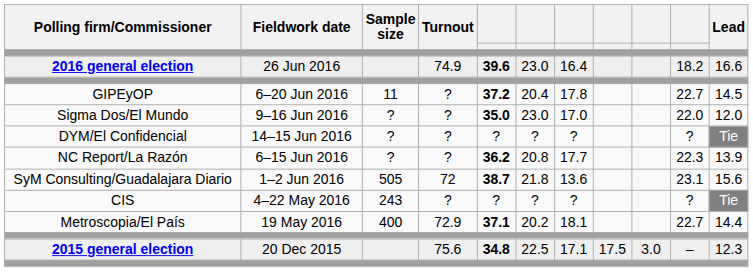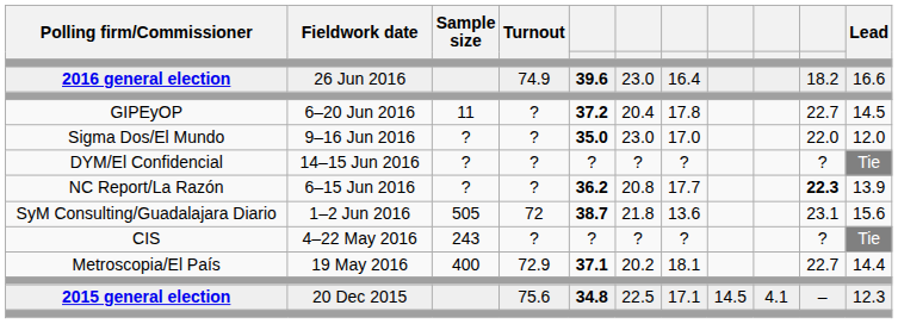 <table class="wikitable collapsible collapsed" style="text-align:center; font-size:95%; line-height:16px;">
 <tr style="height:42px; background-color:#E9E9E9">
 <th style="width:250px;" rowspan="2">Polling firm/Commissioner</th>
 <th style="width:125px;" rowspan="2">Fieldwork date</th>
 <th style="width:50px;" rowspan="2">Sample size</th>
 <th style="width:45px;" rowspan="2">Turnout</th>
 <th style="width:35px;"></th>
 <th style="width:35px;"></th>
 <th style="width:35px;"></th>
 <th style="width:35px;"></th>
 <th style="width:35px;"></th>
 <th style="width:35px;"></th>
 <th style="width:30px;" rowspan="2">Lead</th>
 </tr>
 <tr>
 <th style="color:inherit;background:"></th>
 <th style="color:inherit;background:"></th>
 <th style="color:inherit;background:"></th>
 <th style="color:inherit;background:"></th>
 <th style="color:inherit;background:"></th>
 <th style="color:inherit;background:"></th>
 </tr>
 <tr>
 <td colspan="11" style="background:#A0A0A0"></td>
 </tr>
 <tr style="background:#EFEFEF;">
 <td><strong><a href='#'>2016 general election</a></strong></td>
 <td>26 Jun 2016</td>
 <td></td>
 <td>74.9</td>
 <td><strong>39.6</strong><br></td>
 <td>23.0<br></td>
 <td>16.4<br></td>
 <td></td>
 <td></td>
 <td>18.2<br></td>
 <td style="background:">16.6</td>
 </tr>
 <tr>
 <td colspan="11" style="background:#A0A0A0"></td>
 </tr>
 <tr>
 <td>GIPEyOP</td>
 <td>6–20 Jun 2016</td>
 <td>11</td>
 <td>?</td>
 <td><strong>37.2</strong><br></td>
 <td>20.4<br></td>
 <td>17.8<br></td>
 <td></td>
 <td></td>
 <td>22.7<br></td>
 <td style="background:">14.5</td>
 </tr>
 <tr>
 <td>Sigma Dos/El Mundo</td>
 <td>9–16 Jun 2016</td>
 <td>?</td>
 <td>?</td>
 <td><strong>35.0</strong><br></td>
 <td>23.0<br></td>
 <td>17.0<br></td>
 <td></td>
 <td></td>
 <td>22.0<br></td>
 <td style="background:">12.0</td>
 </tr>
 <tr>
 <td>DYM/El Confidencial</td>
 <td>14–15 Jun 2016</td>
 <td>?</td>
 <td>?</td>
 <td>?<br></td>
 <td>?<br></td>
 <td>?<br></td>
 <td></td>
 <td></td>
 <td>?<br></td>
 <td style="background:gray;color:white;">Tie</td>
 </tr>
 <tr>
 <td>NC Report/La Razón</td>
 <td>6–15 Jun 2016</td>
 <td>?</td>
 <td>?</td>
 <td><strong>36.2</strong><br></td>
 <td>20.8<br></td>
 <td>17.7<br></td>
 <td></td>
 <td></td>
-<td>22.3<br></td>
+<td><strong>22.3<br></strong></td>
 <td style="background:">13.9</td>
 </tr>
 <tr>
 <td>SyM Consulting/Guadalajara Diario<br></td>
 <td>1–2 Jun 2016</td>
 <td>505</td>
 <td>72</td>
 <td><strong>38.7</strong><br></td>
 <td>21.8<br></td>
 <td>13.6<br></td>
 <td></td>
 <td></td>
 <td>23.1<br></td>
 <td style="background:">15.6</td>
 </tr>
 <tr>
 <td>CIS</td>
 <td>4–22 May 2016</td>
 <td>243</td>
 <td>?</td>
 <td>?<br></td>
 <td>?<br></td>
 <td>?<br></td>
 <td></td>
 <td></td>
 <td>?<br></td>
 <td style="background:gray;color:white;">Tie</td>
 </tr>
 <tr>
 <td>Metroscopia/El País</td>
 <td>19 May 2016</td>
 <td>400</td>
 <td>72.9</td>
 <td><strong>37.1</strong><br></td>
 <td>20.2<br></td>
 <td>18.1<br></td>
 <td></td>
 <td></td>
 <td>22.7<br></td>
 <td style="background:">14.4</td>
 </tr>
 <tr>
 <td colspan="11" style="background:#A0A0A0"></td>
 </tr>
 <tr style="background:#EFEFEF;">
 <td><strong><a href='#'>2015 general election</a></strong></td>
 <td>20 Dec 2015</td>
 <td></td>
 <td>75.6</td>
 <td><strong>34.8</strong><br></td>
 <td>22.5<br></td>
 <td>17.1<br></td>
-<td>17.5<br></td>
-<td>3.0<br></td>
+<td>14.5<br></td>
+<td>4.1<br></td>
 <td>–</td>
 <td style="background:">12.3</td>
 </tr>
 <tr>
 <td colspan="11" style="background:#A0A0A0"></td>
 </tr>
 </table>
